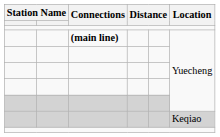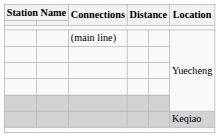 <table class="wikitable">
 <tr>
 <th colspan="2">Station Name</th>
 <th rowspan="2">Connections</th>
 <th colspan="2" rowspan="2">Distance<br></th>
 <th rowspan="2">Location</th>
 </tr>
 <tr>
 <th></th>
 <th></th>
 </tr>
 <tr style="background:#">
 <td colspan="6"></td>
 </tr>
 <tr>
 <td></td>
 <td></td>
-<td><strong> (main line)</strong></td>
+<td> (main line)</td>
 <td> </td>
 <td> </td>
 <td rowspan="5">Yuecheng</td>
 </tr>
 <tr>
 <td></td>
 <td></td>
 <td></td>
 <td> </td>
 <td> </td>
 </tr>
 <tr>
 <td></td>
 <td></td>
 <td></td>
 <td> </td>
 <td> </td>
 </tr>
 <tr>
 <td></td>
 <td></td>
 <td></td>
 <td> </td>
 <td> </td>
 </tr>
 <tr bgcolor="lightgrey">
 <td><em></em></td>
 <td></td>
 <td></td>
 <td> </td>
 <td> </td>
 </tr>
 <tr bgcolor="lightgrey">
 <td><em></em></td>
 <td></td>
 <td></td>
 <td> </td>
 <td> </td>
 <td>Keqiao</td>
 </tr>
 <tr style="background:#">
 <td colspan="6"></td>
 </tr>
 </table>
